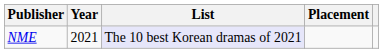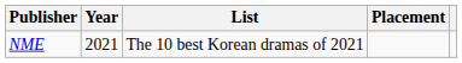 <table class="wikitable plainrowheaders">
 <tr>
 <th scope="col">Publisher</th>
 <th scope="col">Year</th>
 <th scope="col">List</th>
 <th scope="col">Placement</th>
 <th scope="col"></th>
 </tr>
 <tr>
 <td><em><a href='#'>NME</a></em></td>
 <td rowspan="2">2021</td>
-<td style="background: lavender;">The 10 best Korean dramas of 2021</td>
+<td>The 10 best Korean dramas of 2021</td>
 <td></td>
 <td style="text-align:center;"></td>
 </tr>
 </table>
